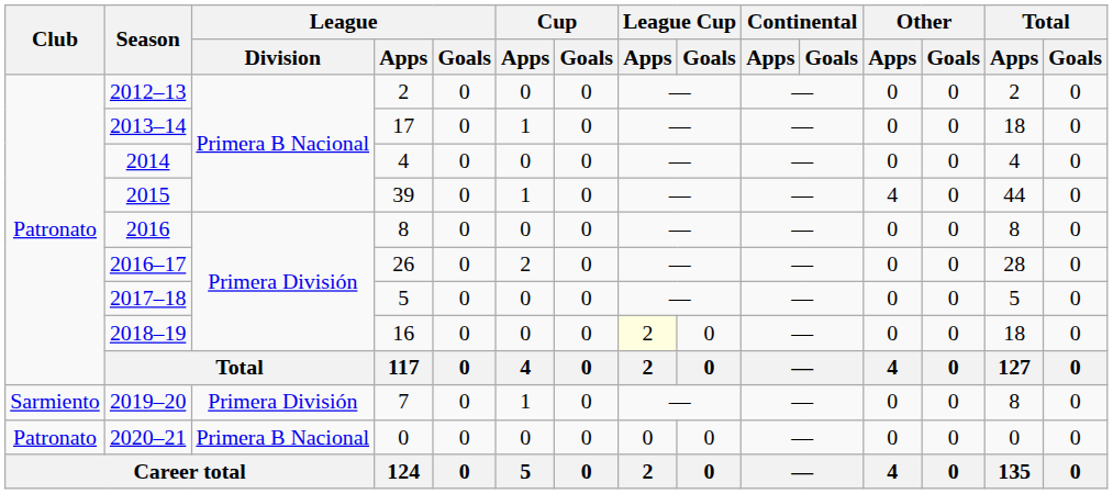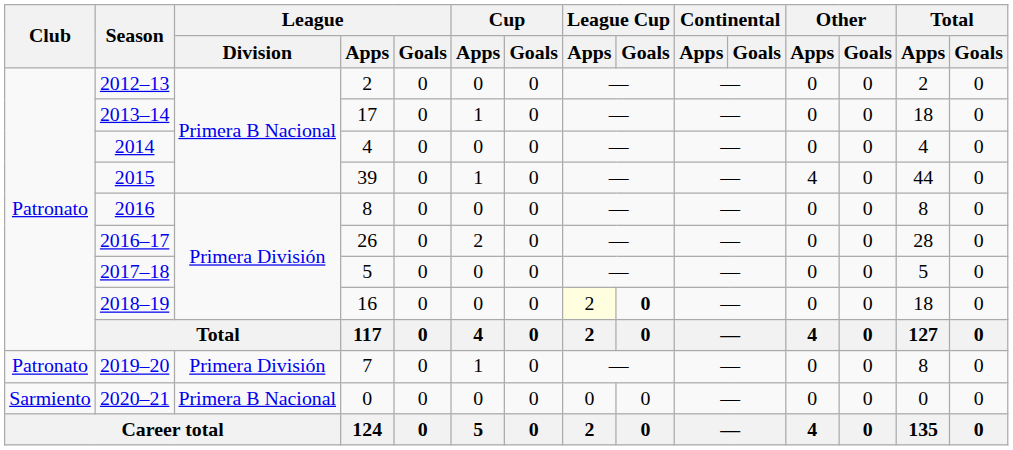 <table class="wikitable" style="text-align:center">
 <tr>
 <th rowspan="2">Club</th>
 <th rowspan="2">Season</th>
 <th colspan="3">League</th>
 <th colspan="2">Cup</th>
 <th colspan="2">League Cup</th>
 <th colspan="2">Continental</th>
 <th colspan="2">Other</th>
 <th colspan="2">Total</th>
 </tr>
 <tr>
 <th>Division</th>
 <th>Apps</th>
 <th>Goals</th>
 <th>Apps</th>
 <th>Goals</th>
 <th>Apps</th>
 <th>Goals</th>
 <th>Apps</th>
 <th>Goals</th>
 <th>Apps</th>
 <th>Goals</th>
 <th>Apps</th>
 <th>Goals</th>
 </tr>
 <tr>
 <td rowspan="9"><a href='#'>Patronato</a></td>
 <td><a href='#'>2012–13</a></td>
 <td rowspan="4"><a href='#'>Primera B Nacional</a></td>
 <td>2</td>
 <td>0</td>
 <td>0</td>
 <td>0</td>
 <td colspan="2">—</td>
 <td colspan="2">—</td>
 <td>0</td>
 <td>0</td>
 <td>2</td>
 <td>0</td>
 </tr>
 <tr>
 <td><a href='#'>2013–14</a></td>
 <td>17</td>
 <td>0</td>
 <td>1</td>
 <td>0</td>
 <td colspan="2">—</td>
 <td colspan="2">—</td>
 <td>0</td>
 <td>0</td>
 <td>18</td>
 <td>0</td>
 </tr>
 <tr>
 <td><a href='#'>2014</a></td>
 <td>4</td>
 <td>0</td>
 <td>0</td>
 <td>0</td>
 <td colspan="2">—</td>
 <td colspan="2">—</td>
 <td>0</td>
 <td>0</td>
 <td>4</td>
 <td>0</td>
 </tr>
 <tr>
 <td><a href='#'>2015</a></td>
 <td>39</td>
 <td>0</td>
 <td>1</td>
 <td>0</td>
 <td colspan="2">—</td>
 <td colspan="2">—</td>
 <td>4</td>
 <td>0</td>
 <td>44</td>
 <td>0</td>
 </tr>
 <tr>
 <td><a href='#'>2016</a></td>
 <td rowspan="4"><a href='#'>Primera División</a></td>
 <td>8</td>
 <td>0</td>
 <td>0</td>
 <td>0</td>
 <td colspan="2">—</td>
 <td colspan="2">—</td>
 <td>0</td>
 <td>0</td>
 <td>8</td>
 <td>0</td>
 </tr>
 <tr>
 <td><a href='#'>2016–17</a></td>
 <td>26</td>
 <td>0</td>
 <td>2</td>
 <td>0</td>
 <td colspan="2">—</td>
 <td colspan="2">—</td>
 <td>0</td>
 <td>0</td>
 <td>28</td>
 <td>0</td>
 </tr>
 <tr>
 <td><a href='#'>2017–18</a></td>
 <td>5</td>
 <td>0</td>
 <td>0</td>
 <td>0</td>
 <td colspan="2">—</td>
 <td colspan="2">—</td>
 <td>0</td>
 <td>0</td>
 <td>5</td>
 <td>0</td>
 </tr>
 <tr>
 <td><a href='#'>2018–19</a></td>
 <td>16</td>
 <td>0</td>
 <td>0</td>
 <td>0</td>
 <td style="background: lightyellow;">2</td>
-<td>0</td>
+<td><strong>0</strong></td>
 <td colspan="2">—</td>
 <td>0</td>
 <td>0</td>
 <td>18</td>
 <td>0</td>
 </tr>
 <tr>
 <th colspan="2">Total</th>
 <th>117</th>
 <th>0</th>
 <th>4</th>
 <th>0</th>
 <th>2</th>
 <th>0</th>
 <th colspan="2">—</th>
 <th>4</th>
 <th>0</th>
 <th>127</th>
 <th>0</th>
 </tr>
 <tr>
-<td rowspan="1"><a href='#'>Sarmiento</a></td>
+<td rowspan="1"><a href='#'>Patronato</a></td>
 <td><a href='#'>2019–20</a></td>
 <td rowspan="1"><a href='#'>Primera División</a></td>
 <td>7</td>
 <td>0</td>
 <td>1</td>
 <td>0</td>
 <td colspan="2">—</td>
 <td colspan="2">—</td>
 <td>0</td>
 <td>0</td>
 <td>8</td>
 <td>0</td>
 </tr>
 <tr>
-<td rowspan="1"><a href='#'>Patronato</a></td>
+<td rowspan="1"><a href='#'>Sarmiento</a></td>
 <td><a href='#'>2020–21</a></td>
 <td rowspan="1"><a href='#'>Primera B Nacional</a></td>
 <td>0</td>
 <td>0</td>
 <td>0</td>
 <td>0</td>
 <td>0</td>
 <td>0</td>
 <td colspan="2">—</td>
 <td>0</td>
 <td>0</td>
 <td>0</td>
 <td>0</td>
 </tr>
 <tr>
 <th colspan="3">Career total</th>
 <th>124</th>
 <th>0</th>
 <th>5</th>
 <th>0</th>
 <th>2</th>
 <th>0</th>
 <th colspan="2">—</th>
 <th>4</th>
 <th>0</th>
 <th>135</th>
 <th>0</th>
 </tr>
 </table>
